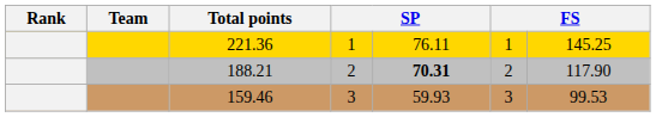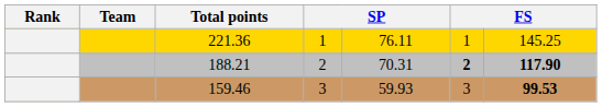 <table class="wikitable sortable" style="text-align:center;" width="70%">
 <tr>
 <th scope="col">Rank</th>
 <th scope="col">Team</th>
 <th scope="col">Total points</th>
 <th scope="col" colspan="2" width="80px"><a href='#'>SP</a></th>
 <th scope="col" colspan="2" width="80px"><a href='#'>FS</a></th>
 </tr>
 <tr bgcolor="gold">
 <th scope="row"></th>
 <td align="left"></td>
 <td>221.36</td>
 <td>1</td>
 <td>76.11</td>
 <td>1</td>
 <td>145.25</td>
 </tr>
 <tr bgcolor="silver">
 <th scope="row"></th>
 <td align="left"></td>
 <td>188.21</td>
 <td>2</td>
-<td><strong>70.31</strong></td>
-<td>2</td>
-<td>117.90</td>
+<td>70.31</td>
+<td><strong>2</strong></td>
+<td><strong>117.90</strong></td>
 </tr>
 <tr bgcolor="cc9966">
 <th scope="row"></th>
 <td align="left"></td>
 <td>159.46</td>
 <td>3</td>
 <td>59.93</td>
 <td>3</td>
-<td>99.53</td>
+<td><strong>99.53</strong></td>
 </tr>
 </table>
